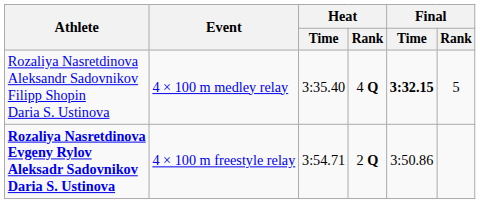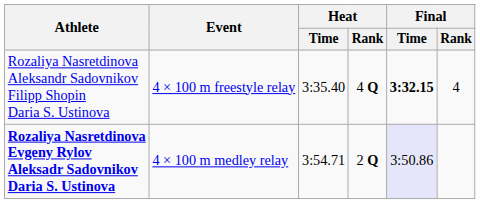 <table class=wikitable style="font-size:90%">
 <tr>
 <th rowspan=2>Athlete</th>
 <th rowspan=2>Event</th>
 <th colspan="2">Heat</th>
 <th colspan="2">Final</th>
 </tr>
 <tr style="font-size:95%">
 <th>Time</th>
 <th>Rank</th>
 <th>Time</th>
 <th>Rank</th>
 </tr>
 <tr align=center>
 <td align=left><a href='#'>Rozaliya Nasretdinova</a><br><a href='#'>Aleksandr Sadovnikov</a><br><a href='#'>Filipp Shopin</a><br><a href='#'>Daria S. Ustinova</a></td>
-<td align=left><a href='#'>4 × 100 m medley relay</a></td>
+<td align=left><a href='#'>4 × 100 m freestyle relay</a></td>
 <td>3:35.40</td>
 <td>4 <strong>Q</strong></td>
 <td><strong>3:32.15</strong></td>
-<td>5</td>
+<td>4</td>
 </tr>
 <tr align=center>
 <td align=left><strong><a href='#'>Rozaliya Nasretdinova</a><br><a href='#'>Evgeny Rylov</a><br><a href='#'>Aleksadr Sadovnikov</a><br><a href='#'>Daria S. Ustinova</a></strong></td>
-<td align=left><a href='#'>4 × 100 m freestyle relay</a></td>
+<td align=left><a href='#'>4 × 100 m medley relay</a></td>
 <td>3:54.71</td>
 <td>2 <strong>Q</strong></td>
-<td>3:50.86</td>
+<td style="background: lavender;">3:50.86</td>
 <td></td>
 </tr>
 </table>
